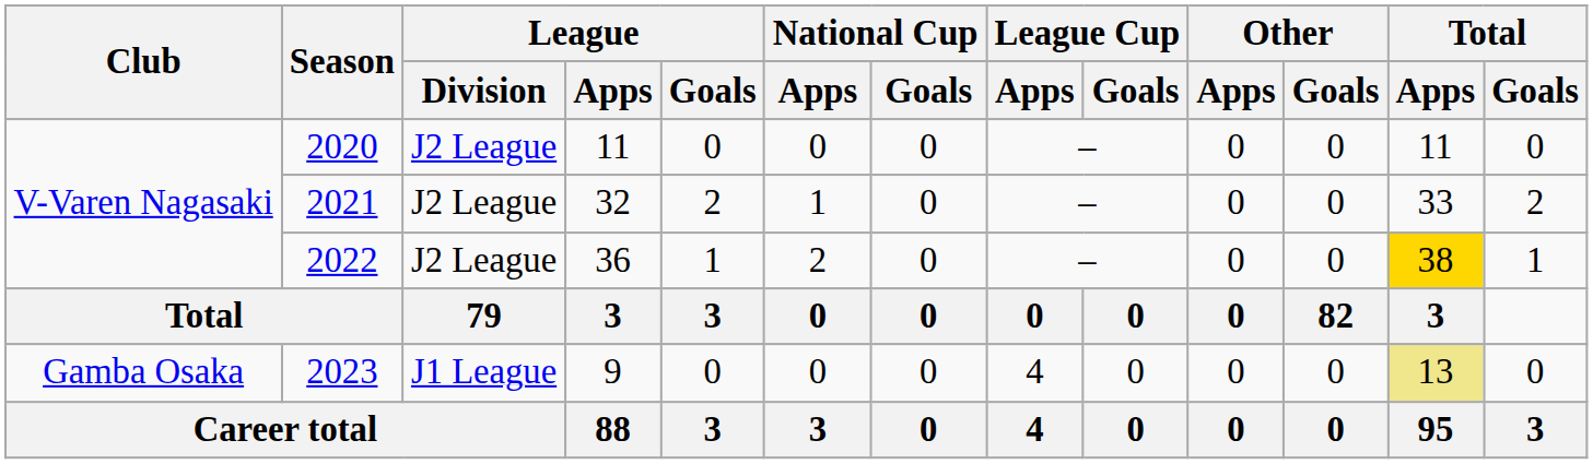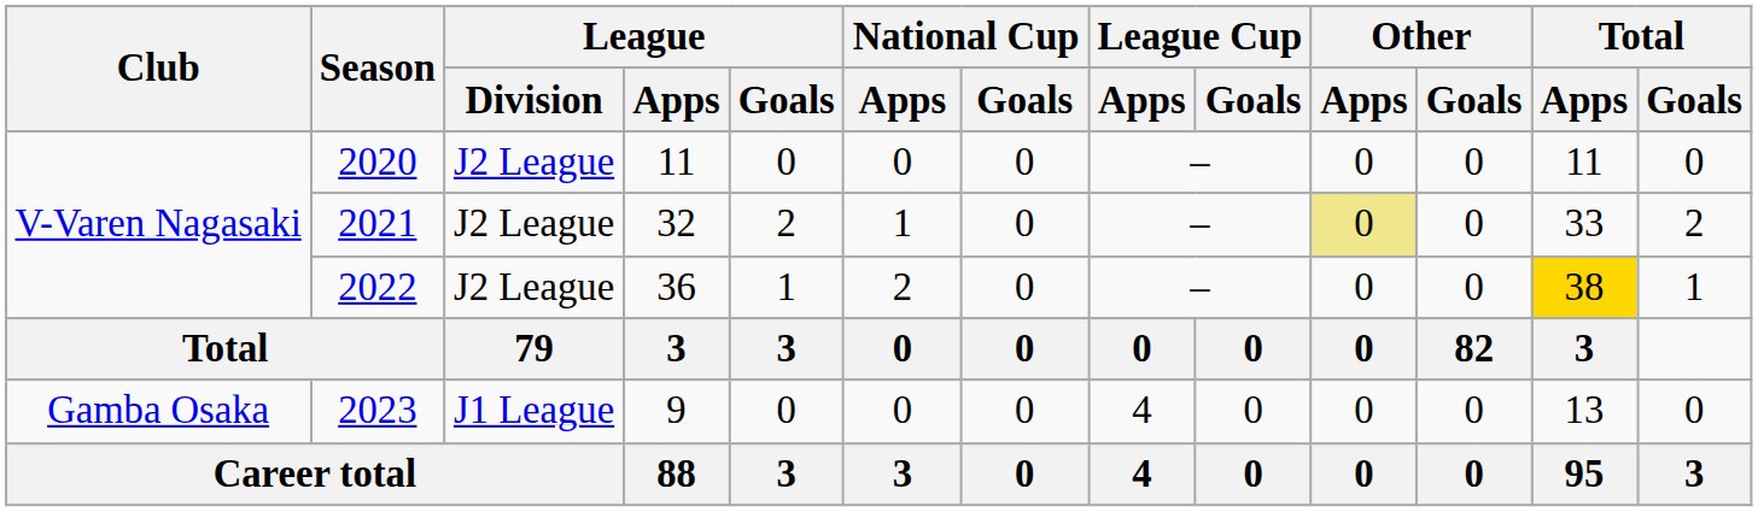 <table class="wikitable" style="text-align: center">
 <tr>
 <th rowspan="2">Club</th>
 <th rowspan="2">Season</th>
 <th colspan="3">League</th>
 <th colspan="2">National Cup</th>
 <th colspan="2">League Cup</th>
 <th colspan="2">Other</th>
 <th colspan="2">Total</th>
 </tr>
 <tr>
 <th>Division</th>
 <th>Apps</th>
 <th>Goals</th>
 <th>Apps</th>
 <th>Goals</th>
 <th>Apps</th>
 <th>Goals</th>
 <th>Apps</th>
 <th>Goals</th>
 <th>Apps</th>
 <th>Goals</th>
 </tr>
 <tr>
 <td rowspan="3"><a href='#'>V-Varen Nagasaki</a></td>
 <td><a href='#'>2020</a></td>
 <td><a href='#'>J2 League</a></td>
 <td>11</td>
 <td>0</td>
 <td>0</td>
 <td>0</td>
 <td colspan="2">–</td>
 <td>0</td>
 <td>0</td>
 <td>11</td>
 <td>0</td>
 </tr>
 <tr>
 <td><a href='#'>2021</a></td>
 <td>J2 League</td>
 <td>32</td>
 <td>2</td>
 <td>1</td>
 <td>0</td>
 <td colspan="2">–</td>
-<td>0</td>
+<td style="background: khaki;">0</td>
 <td>0</td>
 <td>33</td>
 <td>2</td>
 </tr>
 <tr>
 <td><a href='#'>2022</a></td>
 <td>J2 League</td>
 <td>36</td>
 <td>1</td>
 <td>2</td>
 <td>0</td>
 <td colspan="2">–</td>
 <td>0</td>
 <td>0</td>
 <td style="background: gold;">38</td>
 <td>1</td>
 </tr>
 <tr>
 <th colspan="2">Total</th>
 <th>79</th>
 <th>3</th>
 <th>3</th>
 <th>0</th>
 <th>0</th>
 <th>0</th>
 <th>0</th>
 <th>0</th>
 <th>82</th>
 <th>3</th>
 </tr>
 <tr>
 <td><a href='#'>Gamba Osaka</a></td>
 <td><a href='#'>2023</a></td>
 <td><a href='#'>J1 League</a></td>
 <td>9</td>
 <td>0</td>
 <td>0</td>
 <td>0</td>
 <td>4</td>
 <td>0</td>
 <td>0</td>
 <td>0</td>
-<td style="background: khaki;">13</td>
+<td>13</td>
 <td>0</td>
 </tr>
 <tr>
 <th colspan="3">Career total</th>
 <th>88</th>
 <th>3</th>
 <th>3</th>
 <th>0</th>
 <th>4</th>
 <th>0</th>
 <th>0</th>
 <th>0</th>
 <th>95</th>
 <th>3</th>
 </tr>
 </table>
